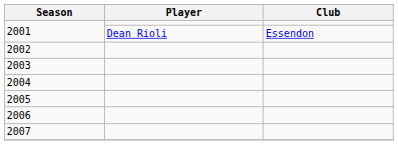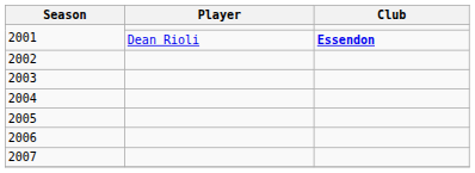 <table class="wikitable sortable" width="40%">
 <tr bgcolor="#efefef">
 <th>Season</th>
 <th>Player</th>
 <th>Club</th>
 </tr>
 <tr>
 <td rowspan="2">2001</td>
 <td></td>
 <td></td>
 </tr>
 <tr>
 <td><a href='#'>Dean Rioli</a></td>
-<td><a href='#'>Essendon</a></td>
+<td><strong><a href='#'>Essendon</a></strong></td>
 </tr>
 <tr>
 <td>2002</td>
 <td></td>
 <td></td>
 </tr>
 <tr>
 <td>2003</td>
 <td></td>
 <td></td>
 </tr>
 <tr>
 <td>2004</td>
 <td></td>
 <td></td>
 </tr>
 <tr>
 <td>2005</td>
 <td></td>
 <td></td>
 </tr>
 <tr>
 <td>2006</td>
 <td></td>
 <td></td>
 </tr>
 <tr>
 <td>2007</td>
 <td></td>
 <td></td>
 </tr>
 <tr>
 </tr>
 </table>
